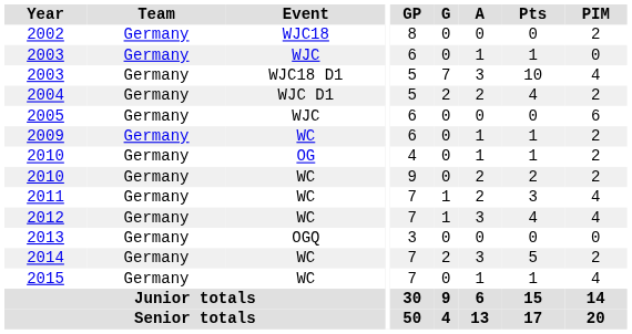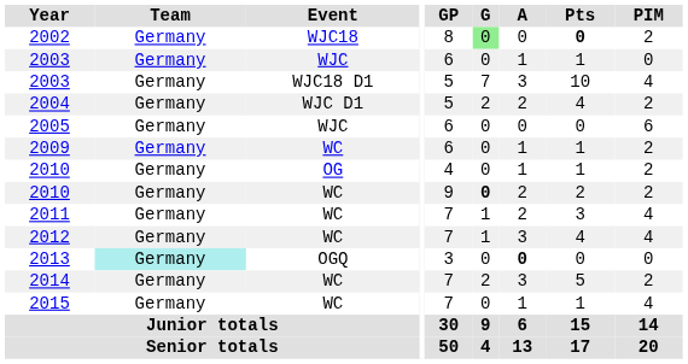 <table border="0" cellpadding="1" cellspacing="0" ID="Table3" style="text-align:center; width:40em">
 <tr ALIGN="center" bgcolor="#e0e0e0">
 <th>Year</th>
 <th>Team</th>
 <th>Event</th>
 <th rowspan="99" bgcolor="#ffffff"></th>
 <th>GP</th>
 <th>G</th>
 <th>A</th>
 <th>Pts</th>
 <th>PIM</th>
 </tr>
 <tr>
 <td><a href='#'>2002</a></td>
 <td><a href='#'>Germany</a></td>
 <td><a href='#'>WJC18</a></td>
 <td>8</td>
+<td style="background: lightgreen;">0</td>
 <td>0</td>
-<td>0</td>
-<td>0</td>
+<td><strong>0</strong></td>
 <td>2</td>
 </tr>
 <tr bgcolor="#f0f0f0">
 <td><a href='#'>2003</a></td>
 <td><a href='#'>Germany</a></td>
 <td><a href='#'>WJC</a></td>
 <td>6</td>
 <td>0</td>
 <td>1</td>
 <td>1</td>
 <td>0</td>
 </tr>
 <tr>
 <td><a href='#'>2003</a></td>
 <td>Germany</td>
 <td>WJC18 D1</td>
 <td>5</td>
 <td>7</td>
 <td>3</td>
 <td>10</td>
 <td>4</td>
 </tr>
 <tr bgcolor="#f0f0f0">
 <td><a href='#'>2004</a></td>
 <td>Germany</td>
 <td>WJC D1</td>
 <td>5</td>
 <td>2</td>
 <td>2</td>
 <td>4</td>
 <td>2</td>
 </tr>
 <tr>
 <td><a href='#'>2005</a></td>
 <td>Germany</td>
 <td>WJC</td>
 <td>6</td>
 <td>0</td>
 <td>0</td>
 <td>0</td>
 <td>6</td>
 </tr>
 <tr bgcolor="#f0f0f0">
 <td><a href='#'>2009</a></td>
 <td><a href='#'>Germany</a></td>
 <td><a href='#'>WC</a></td>
 <td>6</td>
 <td>0</td>
 <td>1</td>
 <td>1</td>
 <td>2</td>
 </tr>
 <tr>
 <td><a href='#'>2010</a></td>
 <td>Germany</td>
 <td><a href='#'>OG</a></td>
 <td>4</td>
 <td>0</td>
 <td>1</td>
 <td>1</td>
 <td>2</td>
 </tr>
 <tr bgcolor="#f0f0f0">
 <td><a href='#'>2010</a></td>
 <td>Germany</td>
 <td>WC</td>
 <td>9</td>
-<td>0</td>
+<td><strong>0</strong></td>
 <td>2</td>
 <td>2</td>
 <td>2</td>
 </tr>
 <tr>
 <td><a href='#'>2011</a></td>
 <td>Germany</td>
 <td>WC</td>
 <td>7</td>
 <td>1</td>
 <td>2</td>
 <td>3</td>
 <td>4</td>
 </tr>
 <tr bgcolor="#f0f0f0">
 <td><a href='#'>2012</a></td>
 <td>Germany</td>
 <td>WC</td>
 <td>7</td>
 <td>1</td>
 <td>3</td>
 <td>4</td>
 <td>4</td>
 </tr>
 <tr>
 <td><a href='#'>2013</a></td>
-<td>Germany</td>
+<td style="background: paleturquoise;">Germany</td>
 <td>OGQ</td>
 <td>3</td>
 <td>0</td>
-<td>0</td>
+<td><strong>0</strong></td>
 <td>0</td>
 <td>0</td>
 </tr>
 <tr bgcolor="#f0f0f0">
 <td><a href='#'>2014</a></td>
 <td>Germany</td>
 <td>WC</td>
 <td>7</td>
 <td>2</td>
 <td>3</td>
 <td>5</td>
 <td>2</td>
 </tr>
 <tr>
 <td><a href='#'>2015</a></td>
 <td>Germany</td>
 <td>WC</td>
 <td>7</td>
 <td>0</td>
 <td>1</td>
 <td>1</td>
 <td>4</td>
 </tr>
 <tr bgcolor="#e0e0e0">
 <th colspan="3">Junior totals</th>
 <th>30</th>
 <th>9</th>
 <th>6</th>
 <th>15</th>
 <th>14</th>
 </tr>
 <tr bgcolor="#e0e0e0">
 <th colspan="3">Senior totals</th>
 <th>50</th>
 <th>4</th>
 <th>13</th>
 <th>17</th>
 <th>20</th>
 </tr>
 </table>
